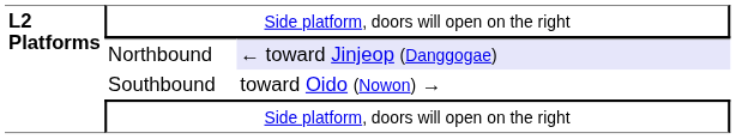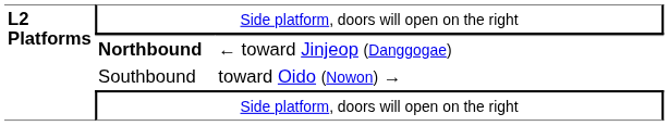 <table table border=0 cellspacing=0 cellpadding=3>
 <tr>
 <td style="border-top:solid 1px gray;border-bottom:solid 1px gray;" width=50 rowspan=10 valign=top><strong>L2<br>Platforms</strong></td>
 <td style="border-top:solid 1px gray;border-right:solid 2px black;border-left:solid 2px black;border-bottom:solid 2px black;text-align:center;" colspan=2><small><a href='#'>Side platform</a>, doors will open on the right</small></td>
 </tr>
 <tr>
-<td style="border-bottom:solid 0px gray;border-top:solid 1px gray;" width=100>Northbound</td>
-<td style="background: lavender; border-bottom:solid 0px gray;border-top:solid 1px gray;" width=390>←  toward <a href='#'>Jinjeop</a> <small>(<a href='#'>Danggogae</a>)</small></td>
+<td style="border-bottom:solid 0px gray;border-top:solid 1px gray;" width=100><strong>Northbound</strong></td>
+<td style="border-bottom:solid 0px gray;border-top:solid 1px gray;" width=390>←  toward <a href='#'>Jinjeop</a> <small>(<a href='#'>Danggogae</a>)</small></td>
 </tr>
 <tr>
 <td>Southbound</td>
 <td>  toward <a href='#'>Oido</a> <small>(<a href='#'>Nowon</a>)</small> →</td>
 </tr>
 <tr>
 <td style="border-top:solid 2px black;border-right:solid 2px black;border-left:solid 2px black;border-bottom:solid 1px gray;text-align:center;" colspan=2><small><a href='#'>Side platform</a>, doors will open on the right</small></td>
 </tr>
 </table>
